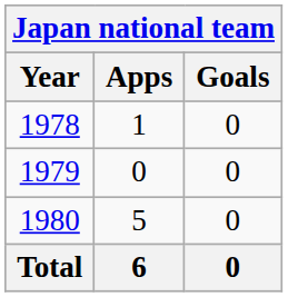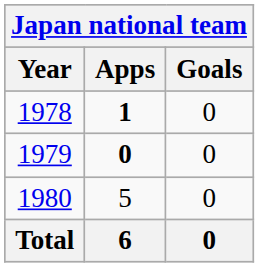 <table class="wikitable" style="text-align:center">
 <tr>
 <th colspan=3><a href='#'>Japan national team</a></th>
 </tr>
 <tr>
 <th>Year</th>
 <th>Apps</th>
 <th>Goals</th>
 </tr>
 <tr>
 <td><a href='#'>1978</a></td>
-<td>1</td>
+<td><strong>1</strong></td>
 <td>0</td>
 </tr>
 <tr>
 <td><a href='#'>1979</a></td>
-<td>0</td>
+<td><strong>0</strong></td>
 <td>0</td>
 </tr>
 <tr>
 <td><a href='#'>1980</a></td>
 <td>5</td>
 <td>0</td>
 </tr>
 <tr>
 <th>Total</th>
 <th>6</th>
 <th>0</th>
 </tr>
 </table>
